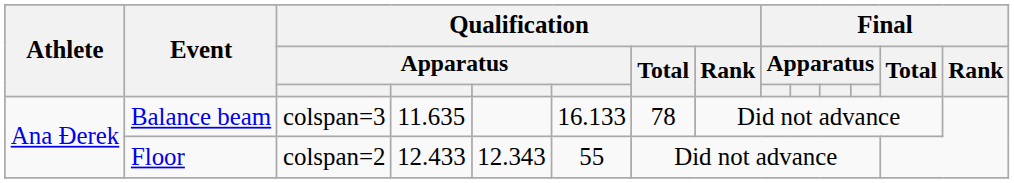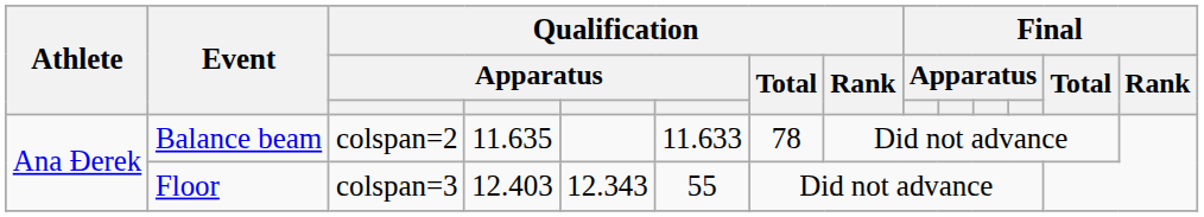 <table class="wikitable" style="font-size:90%">
 <tr>
 <th rowspan=3>Athlete</th>
 <th rowspan=3>Event</th>
 <th colspan=6>Qualification</th>
 <th colspan=6>Final</th>
 </tr>
 <tr style="font-size:95%">
 <th colspan=4>Apparatus</th>
 <th rowspan=2>Total</th>
 <th rowspan=2>Rank</th>
 <th colspan=4>Apparatus</th>
 <th rowspan=2>Total</th>
 <th rowspan=2>Rank</th>
 </tr>
 <tr style="font-size:95%">
 <th></th>
 <th></th>
 <th></th>
 <th></th>
 <th></th>
 <th></th>
 <th></th>
 <th></th>
 </tr>
 <tr align=center>
 <td align=left rowspan=2><a href='#'>Ana Đerek</a></td>
 <td align=left><a href='#'>Balance beam</a></td>
-<td>colspan=3 </td>
+<td>colspan=2 </td>
 <td>11.635</td>
 <td></td>
-<td>16.133</td>
+<td>11.633</td>
 <td>78</td>
 <td colspan=6>Did not advance</td>
 </tr>
 <tr align=center>
 <td align=left><a href='#'>Floor</a></td>
-<td>colspan=2 </td>
-<td>12.433</td>
+<td>colspan=3 </td>
+<td>12.403</td>
 <td>12.343</td>
 <td>55</td>
 <td colspan=6>Did not advance</td>
 </tr>
 </table>
